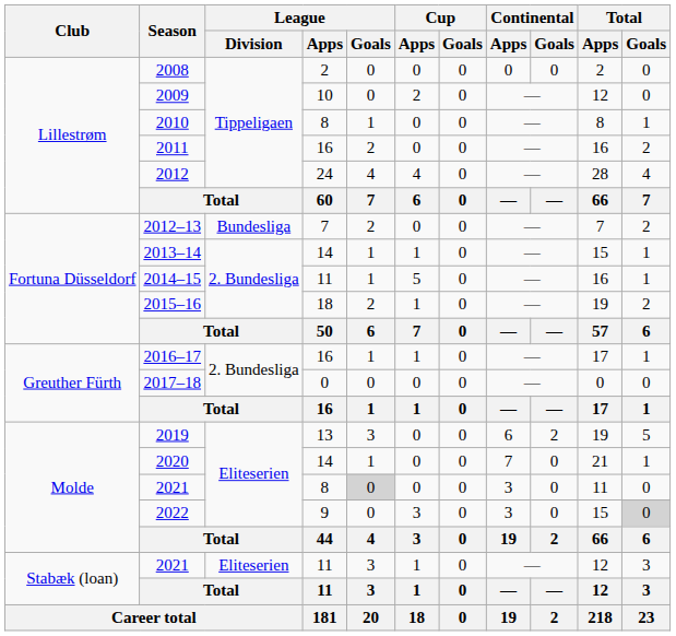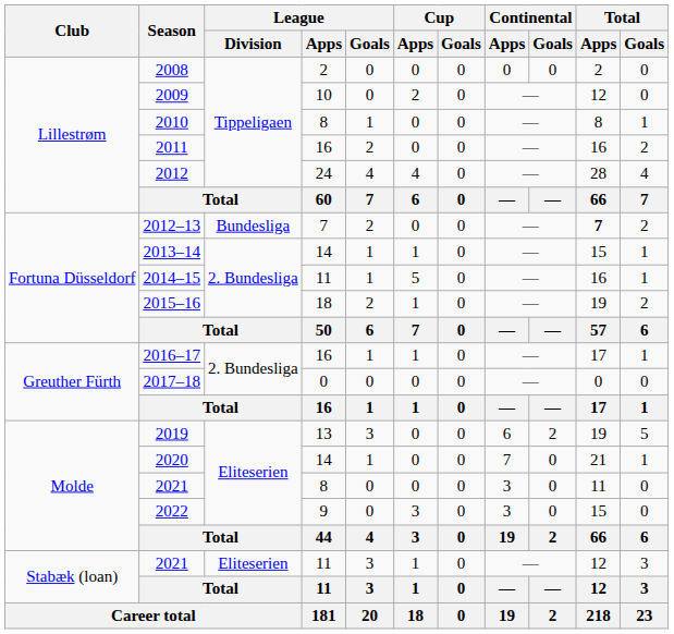 <table class="wikitable" style="text-align: center">
 <tr>
 <th rowspan=2>Club</th>
 <th rowspan=2>Season</th>
 <th colspan=3>League</th>
 <th colspan=2>Cup</th>
 <th colspan=2>Continental</th>
 <th colspan=2>Total</th>
 </tr>
 <tr>
 <th>Division</th>
 <th>Apps</th>
 <th>Goals</th>
 <th>Apps</th>
 <th>Goals</th>
 <th>Apps</th>
 <th>Goals</th>
 <th>Apps</th>
 <th>Goals</th>
 </tr>
 <tr>
 <td rowspan="6"><a href='#'>Lillestrøm</a></td>
 <td><a href='#'>2008</a></td>
 <td rowspan="5"><a href='#'>Tippeligaen</a></td>
 <td>2</td>
 <td>0</td>
 <td>0</td>
 <td>0</td>
 <td>0</td>
 <td>0</td>
 <td>2</td>
 <td>0</td>
 </tr>
 <tr>
 <td><a href='#'>2009</a></td>
 <td>10</td>
 <td>0</td>
 <td>2</td>
 <td>0</td>
 <td colspan="2">—</td>
 <td>12</td>
 <td>0</td>
 </tr>
 <tr>
 <td><a href='#'>2010</a></td>
 <td>8</td>
 <td>1</td>
 <td>0</td>
 <td>0</td>
 <td colspan="2">—</td>
 <td>8</td>
 <td>1</td>
 </tr>
 <tr>
 <td><a href='#'>2011</a></td>
 <td>16</td>
 <td>2</td>
 <td>0</td>
 <td>0</td>
 <td colspan="2">—</td>
 <td>16</td>
 <td>2</td>
 </tr>
 <tr>
 <td><a href='#'>2012</a></td>
 <td>24</td>
 <td>4</td>
 <td>4</td>
 <td>0</td>
 <td colspan="2">—</td>
 <td>28</td>
 <td>4</td>
 </tr>
 <tr>
 <th colspan="2">Total</th>
 <th>60</th>
 <th>7</th>
 <th>6</th>
 <th>0</th>
 <th>—</th>
 <th>—</th>
 <th>66</th>
 <th>7</th>
 </tr>
 <tr>
 <td rowspan="5"><a href='#'>Fortuna Düsseldorf</a></td>
 <td><a href='#'>2012–13</a></td>
 <td><a href='#'>Bundesliga</a></td>
 <td>7</td>
 <td>2</td>
 <td>0</td>
 <td>0</td>
 <td colspan="2">—</td>
-<td>7</td>
+<td><strong>7</strong></td>
 <td>2</td>
 </tr>
 <tr>
 <td><a href='#'>2013–14</a></td>
 <td rowspan="3"><a href='#'>2. Bundesliga</a></td>
 <td>14</td>
 <td>1</td>
 <td>1</td>
 <td>0</td>
 <td colspan="2">—</td>
 <td>15</td>
 <td>1</td>
 </tr>
 <tr>
 <td><a href='#'>2014–15</a></td>
 <td>11</td>
 <td>1</td>
 <td>5</td>
 <td>0</td>
 <td colspan="2">—</td>
 <td>16</td>
 <td>1</td>
 </tr>
 <tr>
 <td><a href='#'>2015–16</a></td>
 <td>18</td>
 <td>2</td>
 <td>1</td>
 <td>0</td>
 <td colspan="2">—</td>
 <td>19</td>
 <td>2</td>
 </tr>
 <tr>
 <th colspan="2">Total</th>
 <th>50</th>
 <th>6</th>
 <th>7</th>
 <th>0</th>
 <th>—</th>
 <th>—</th>
 <th>57</th>
 <th>6</th>
 </tr>
 <tr>
 <td rowspan="3"><a href='#'>Greuther Fürth</a></td>
 <td><a href='#'>2016–17</a></td>
 <td rowspan="2">2. Bundesliga</td>
 <td>16</td>
 <td>1</td>
 <td>1</td>
 <td>0</td>
 <td colspan="2">—</td>
 <td>17</td>
 <td>1</td>
 </tr>
 <tr>
 <td><a href='#'>2017–18</a></td>
 <td>0</td>
 <td>0</td>
 <td>0</td>
 <td>0</td>
 <td colspan="2">—</td>
 <td>0</td>
 <td>0</td>
 </tr>
 <tr>
 <th colspan="2">Total</th>
 <th>16</th>
 <th>1</th>
 <th>1</th>
 <th>0</th>
 <th>—</th>
 <th>—</th>
 <th>17</th>
 <th>1</th>
 </tr>
 <tr>
 <td rowspan="5"><a href='#'>Molde</a></td>
 <td><a href='#'>2019</a></td>
 <td rowspan="4"><a href='#'>Eliteserien</a></td>
 <td>13</td>
 <td>3</td>
 <td>0</td>
 <td>0</td>
 <td>6</td>
 <td>2</td>
 <td>19</td>
 <td>5</td>
 </tr>
 <tr>
 <td><a href='#'>2020</a></td>
 <td>14</td>
 <td>1</td>
 <td>0</td>
 <td>0</td>
 <td>7</td>
 <td>0</td>
 <td>21</td>
 <td>1</td>
 </tr>
 <tr>
 <td><a href='#'>2021</a></td>
 <td>8</td>
-<td style="background: lightgrey;">0</td>
+<td>0</td>
 <td>0</td>
 <td>0</td>
 <td>3</td>
 <td>0</td>
 <td>11</td>
 <td>0</td>
 </tr>
 <tr>
 <td><a href='#'>2022</a></td>
 <td>9</td>
 <td>0</td>
 <td>3</td>
 <td>0</td>
 <td>3</td>
 <td>0</td>
 <td>15</td>
-<td style="background: lightgrey;">0</td>
+<td>0</td>
 </tr>
 <tr>
 <th colspan="2">Total</th>
 <th>44</th>
 <th>4</th>
 <th>3</th>
 <th>0</th>
 <th>19</th>
 <th>2</th>
 <th>66</th>
 <th>6</th>
 </tr>
 <tr>
 <td rowspan="2"><a href='#'>Stabæk</a> (loan)</td>
 <td><a href='#'>2021</a></td>
 <td rowspan="1"><a href='#'>Eliteserien</a></td>
 <td>11</td>
 <td>3</td>
 <td>1</td>
 <td>0</td>
 <td colspan="2">—</td>
 <td>12</td>
 <td>3</td>
 </tr>
 <tr>
 <th colspan="2">Total</th>
 <th>11</th>
 <th>3</th>
 <th>1</th>
 <th>0</th>
 <th>—</th>
 <th>—</th>
 <th>12</th>
 <th>3</th>
 </tr>
 <tr>
 <th colspan="3">Career total</th>
 <th>181</th>
 <th>20</th>
 <th>18</th>
 <th>0</th>
 <th>19</th>
 <th>2</th>
 <th>218</th>
 <th>23</th>
 </tr>
 </table>
